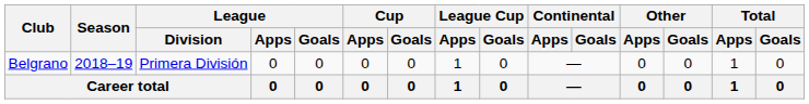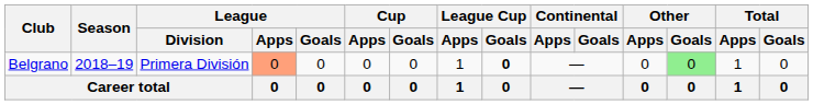 <table class="wikitable" style="text-align:center">
 <tr>
 <th rowspan="2">Club</th>
 <th rowspan="2">Season</th>
 <th colspan="3">League</th>
 <th colspan="2">Cup</th>
 <th colspan="2">League Cup</th>
 <th colspan="2">Continental</th>
 <th colspan="2">Other</th>
 <th colspan="2">Total</th>
 </tr>
 <tr>
 <th>Division</th>
 <th>Apps</th>
 <th>Goals</th>
 <th>Apps</th>
 <th>Goals</th>
 <th>Apps</th>
 <th>Goals</th>
 <th>Apps</th>
 <th>Goals</th>
 <th>Apps</th>
 <th>Goals</th>
 <th>Apps</th>
 <th>Goals</th>
 </tr>
 <tr>
 <td rowspan="1"><a href='#'>Belgrano</a></td>
 <td><a href='#'>2018–19</a></td>
 <td rowspan="1"><a href='#'>Primera División</a></td>
-<td>0</td>
+<td style="background: lightsalmon;">0</td>
 <td>0</td>
 <td>0</td>
 <td>0</td>
 <td>1</td>
-<td>0</td>
+<td><strong>0</strong></td>
 <td colspan="2">—</td>
 <td>0</td>
-<td>0</td>
+<td style="background: lightgreen;">0</td>
 <td>1</td>
 <td>0</td>
 </tr>
 <tr>
 <th colspan="3">Career total</th>
 <th>0</th>
 <th>0</th>
 <th>0</th>
 <th>0</th>
 <th>1</th>
 <th>0</th>
 <th colspan="2">—</th>
 <th>0</th>
 <th>0</th>
 <th>1</th>
 <th>0</th>
 </tr>
 </table>
